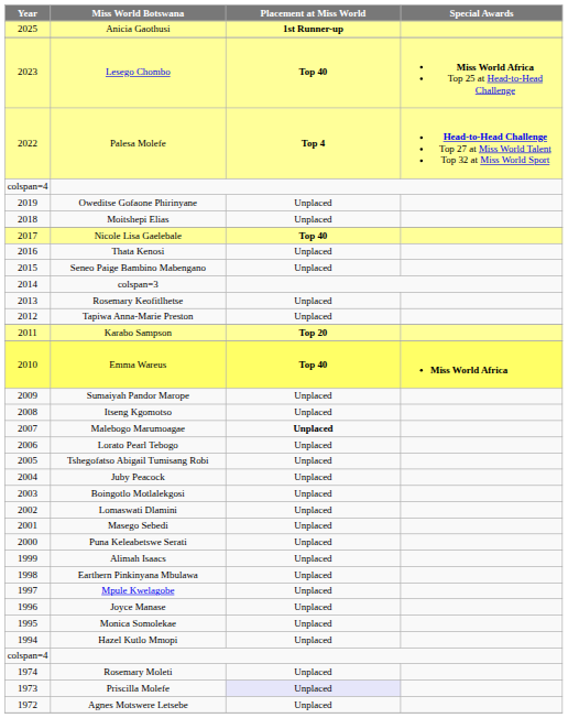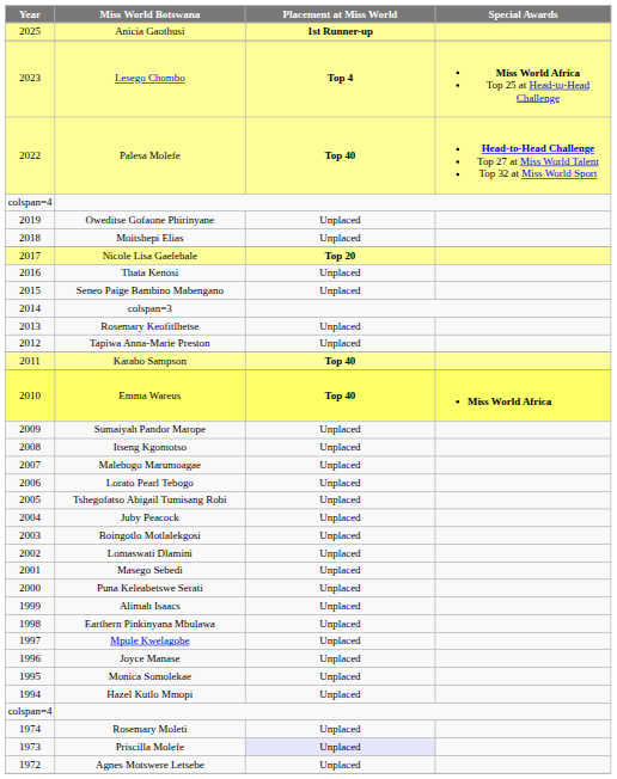 <table class="wikitable" style="font-size: 90%; text-align:center">
 <tr>
 <th width="60" style="background-color:#787878;color:#FFFFFF;">Year</th>
 <th width="250" style="background-color:#787878;color:#FFFFFF;">Miss World Botswana</th>
 <th width="250" style="background-color:#787878;color:#FFFFFF;">Placement at Miss World</th>
 <th width="230" style="background-color:#787878;color:#FFFFFF;">Special Awards</th>
 </tr>
 <tr style="background-color:#FFFF99; ">
 <td>2025</td>
 <td>Anicia Gaothusi</td>
 <td><strong>1st Runner-up</strong></td>
 <td></td>
 </tr>
 <tr>
 </tr>
 <tr style="background-color:#FFFF99">
 <td>2023</td>
 <td><a href='#'>Lesego Chombo</a></td>
-<td><strong>Top 40</strong></td>
+<td><strong>Top 4</strong></td>
 <td><br><ul><li><strong>Miss World Africa</strong></li><li>Top 25 at <a href='#'>Head-to-Head Challenge</a></li></ul></td>
 </tr>
 <tr style="background-color:#FFFF99">
 <td>2022</td>
 <td>Palesa Molefe</td>
-<td><strong>Top 4</strong></td>
+<td><strong>Top 40</strong></td>
 <td><br><ul><li><strong><a href='#'>Head-to-Head Challenge</a></strong></li><li>Top 27 at <a href='#'>Miss World Talent</a></li><li>Top 32 at <a href='#'>Miss World Sport</a></li></ul></td>
 </tr>
 <tr>
 <td>colspan=4 </td>
 </tr>
 <tr>
 <td>2019</td>
 <td>Oweditse Gofaone Phirinyane</td>
 <td>Unplaced</td>
 <td></td>
 </tr>
 <tr>
 <td>2018</td>
 <td>Moitshepi Elias</td>
 <td>Unplaced</td>
 <td></td>
 </tr>
 <tr>
 </tr>
 <tr style="background-color:#FFFF99">
 <td>2017</td>
 <td>Nicole Lisa Gaelebale</td>
-<td><strong>Top 40</strong></td>
+<td><strong>Top 20</strong></td>
 <td></td>
 </tr>
 <tr>
 <td>2016</td>
 <td>Thata Kenosi</td>
 <td>Unplaced</td>
 <td></td>
 </tr>
 <tr>
 <td>2015</td>
 <td>Seneo Paige Bambino Mabengano</td>
 <td>Unplaced</td>
 <td></td>
 </tr>
 <tr>
 <td>2014</td>
 <td>colspan=3 </td>
 </tr>
 <tr>
 <td>2013</td>
 <td>Rosemary Keofitlhetse</td>
 <td>Unplaced</td>
 <td></td>
 </tr>
 <tr>
 <td>2012</td>
 <td>Tapiwa Anna-Marie Preston</td>
 <td>Unplaced</td>
 <td></td>
 </tr>
 <tr>
 </tr>
 <tr style="background-color:#FFFF99">
 <td>2011</td>
 <td>Karabo Sampson</td>
-<td><strong>Top 20</strong></td>
+<td><strong>Top 40</strong></td>
 <td></td>
 </tr>
 <tr>
 </tr>
 <tr style="background-color:#FFFF66">
 <td>2010</td>
 <td>Emma Wareus</td>
 <td><strong>Top 40</strong></td>
 <td align="left"><br><ul><li><strong>Miss World Africa</strong></li></ul></td>
 </tr>
 <tr>
 <td>2009</td>
 <td>Sumaiyah Pandor Marope</td>
 <td>Unplaced</td>
 <td></td>
 </tr>
 <tr>
 <td>2008</td>
 <td>Itseng Kgomotso</td>
 <td>Unplaced</td>
 <td></td>
 </tr>
 <tr>
 <td>2007</td>
 <td>Malebogo Marumoagae</td>
-<td><strong>Unplaced</strong></td>
+<td>Unplaced</td>
 <td></td>
 </tr>
 <tr>
 <td>2006</td>
 <td>Lorato Pearl Tebogo</td>
 <td>Unplaced</td>
 <td></td>
 </tr>
 <tr>
 <td>2005</td>
 <td>Tshegofatso Abigail Tumisang Robi</td>
 <td>Unplaced</td>
 <td></td>
 </tr>
 <tr>
 <td>2004</td>
 <td>Juby Peacock</td>
 <td>Unplaced</td>
 <td></td>
 </tr>
 <tr>
 <td>2003</td>
 <td>Boingotlo Motlalekgosi</td>
 <td>Unplaced</td>
 <td></td>
 </tr>
 <tr>
 <td>2002</td>
 <td>Lomaswati Dlamini</td>
 <td>Unplaced</td>
 <td></td>
 </tr>
 <tr>
 <td>2001</td>
 <td>Masego Sebedi</td>
 <td>Unplaced</td>
 <td></td>
 </tr>
 <tr>
 <td>2000</td>
 <td>Puna Keleabetswe Serati</td>
 <td>Unplaced</td>
 <td></td>
 </tr>
 <tr>
 <td>1999</td>
 <td>Alimah Isaacs</td>
 <td>Unplaced</td>
 <td></td>
 </tr>
 <tr>
 <td>1998</td>
 <td>Earthern Pinkinyana Mbulawa</td>
 <td>Unplaced</td>
 <td></td>
 </tr>
 <tr>
 <td>1997</td>
 <td><a href='#'>Mpule Kwelagobe</a></td>
 <td>Unplaced</td>
 <td></td>
 </tr>
 <tr>
 <td>1996</td>
 <td>Joyce Manase</td>
 <td>Unplaced</td>
 <td></td>
 </tr>
 <tr>
 <td>1995</td>
 <td>Monica Somolekae</td>
 <td>Unplaced</td>
 <td></td>
 </tr>
 <tr>
 <td>1994</td>
 <td>Hazel Kutlo Mmopi</td>
 <td>Unplaced</td>
 <td></td>
 </tr>
 <tr>
 <td>colspan=4 </td>
 </tr>
 <tr>
 <td>1974</td>
 <td>Rosemary Moleti</td>
 <td>Unplaced</td>
 <td></td>
 </tr>
 <tr>
 <td>1973</td>
 <td>Priscilla Molefe</td>
 <td style="background: lavender;">Unplaced</td>
 <td></td>
 </tr>
 <tr>
 <td>1972</td>
 <td>Agnes Motswere Letsebe</td>
 <td>Unplaced</td>
 <td></td>
 </tr>
 <tr>
 </tr>
 </table>
